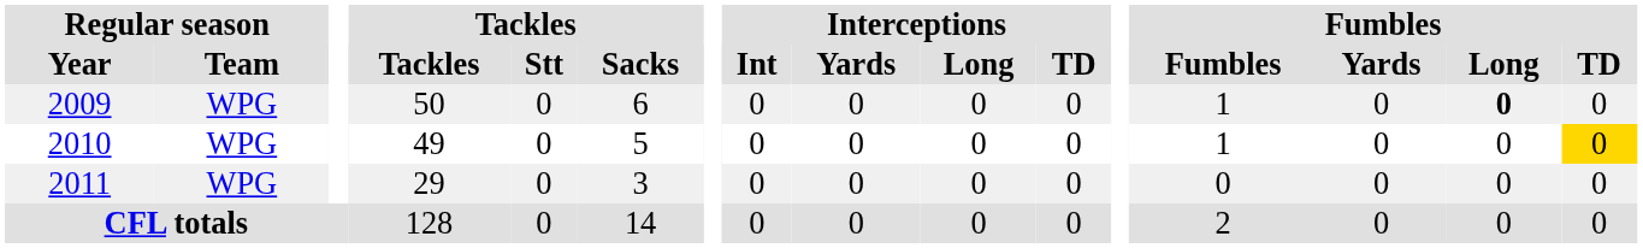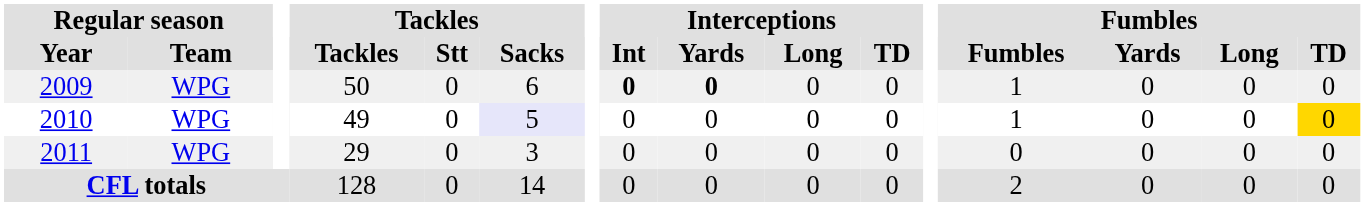 <table BORDER="0" CELLPADDING="1" CELLSPACING="0" width="65%" style="text-align:center">
 <tr bgcolor="#e0e0e0">
 <th colspan="2">Regular season</th>
 <th rowspan="99" bgcolor="#ffffff"> </th>
 <th colspan="3">Tackles</th>
 <th rowspan="99" bgcolor="#ffffff"> </th>
 <th colspan="4">Interceptions</th>
 <th rowspan="99" bgcolor="#ffffff"> </th>
 <th colspan="4">Fumbles</th>
 </tr>
 <tr bgcolor="#e0e0e0">
 <th>Year</th>
 <th>Team</th>
 <th>Tackles</th>
 <th>Stt</th>
 <th>Sacks</th>
 <th>Int</th>
 <th>Yards</th>
 <th>Long</th>
 <th>TD</th>
 <th>Fumbles</th>
 <th>Yards</th>
 <th>Long</th>
 <th>TD</th>
 </tr>
 <tr ALIGN="center" bgcolor="#f0f0f0">
 <td><a href='#'>2009</a></td>
 <td><a href='#'>WPG</a></td>
 <td>50</td>
 <td>0</td>
 <td>6</td>
-<td>0</td>
-<td>0</td>
+<td><strong>0</strong></td>
+<td><strong>0</strong></td>
 <td>0</td>
 <td>0</td>
 <td>1</td>
 <td>0</td>
-<td><strong>0</strong></td>
+<td>0</td>
 <td>0</td>
 </tr>
 <tr ALIGN="center">
 <td><a href='#'>2010</a></td>
 <td><a href='#'>WPG</a></td>
 <td>49</td>
 <td>0</td>
-<td>5</td>
+<td style="background: lavender;">5</td>
 <td>0</td>
 <td>0</td>
 <td>0</td>
 <td>0</td>
 <td>1</td>
 <td>0</td>
 <td>0</td>
 <td style="background: gold;">0</td>
 </tr>
 <tr ALIGN="center" bgcolor="#f0f0f0">
 <td><a href='#'>2011</a></td>
 <td><a href='#'>WPG</a></td>
 <td>29</td>
 <td>0</td>
 <td>3</td>
 <td>0</td>
 <td>0</td>
 <td>0</td>
 <td>0</td>
 <td>0</td>
 <td>0</td>
 <td>0</td>
 <td>0</td>
 </tr>
 <tr bgcolor="#e0e0e0">
 <th colspan="3"><a href='#'>CFL</a> totals</th>
 <td>128</td>
 <td>0</td>
 <td>14</td>
 <td>0</td>
 <td>0</td>
 <td>0</td>
 <td>0</td>
 <td>2</td>
 <td>0</td>
 <td>0</td>
 <td>0</td>
 </tr>
 </table>
